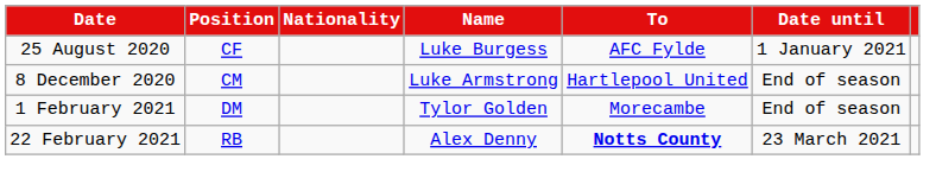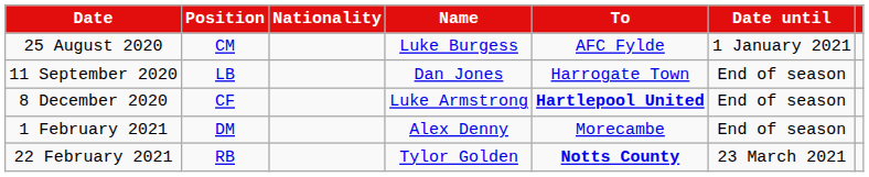 <table class="wikitable"  style="text-align:center; font-size:90%; ">
 <tr>
 <th style="background:#e20e0e; color:white; ">Date</th>
 <th style="background:#e20e0e; color:white; ">Position</th>
 <th style="background:#e20e0e; color:white; ">Nationality</th>
 <th style="background:#e20e0e; color:white; ">Name</th>
 <th style="background:#e20e0e; color:white; ">To</th>
 <th style="background:#e20e0e; color:white; ">Date until</th>
 <th style="background:#e20e0e; color:white; "></th>
 </tr>
 <tr>
 <td>25 August 2020</td>
-<td><a href='#'>CF</a></td>
+<td><a href='#'>CM</a></td>
 <td></td>
 <td><a href='#'>Luke Burgess</a></td>
 <td> <a href='#'>AFC Fylde</a></td>
 <td>1 January 2021</td>
 <td></td>
 </tr>
 <tr>
+<td>11 September 2020</td>
+<td><a href='#'>LB</a></td>
+<td></td>
+<td><a href='#'>Dan Jones</a></td>
+<td> <a href='#'>Harrogate Town</a></td>
+<td>End of season</td>
+<td></td>
+</tr>
+<tr>
 <td>8 December 2020</td>
-<td><a href='#'>CM</a></td>
+<td><a href='#'>CF</a></td>
 <td></td>
 <td><a href='#'>Luke Armstrong</a></td>
-<td> <a href='#'>Hartlepool United</a></td>
+<td><strong> <a href='#'>Hartlepool United</a></strong></td>
 <td>End of season</td>
 <td></td>
 </tr>
 <tr>
 <td>1 February 2021</td>
 <td><a href='#'>DM</a></td>
 <td></td>
-<td><a href='#'>Tylor Golden</a></td>
+<td><a href='#'>Alex Denny</a></td>
 <td> <a href='#'>Morecambe</a></td>
 <td>End of season</td>
 <td></td>
 </tr>
 <tr>
 <td>22 February 2021</td>
 <td><a href='#'>RB</a></td>
 <td></td>
-<td><a href='#'>Alex Denny</a></td>
+<td><a href='#'>Tylor Golden</a></td>
 <td><strong> <a href='#'>Notts County</a></strong></td>
 <td>23 March 2021</td>
 <td></td>
 </tr>
 </table>
